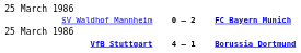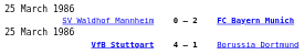 <table width=100% cellspacing=1>
 <tr>
 <th width=25%></th>
 <th width=10%></th>
 <th width=25%></th>
 <th></th>
 </tr>
 <tr>
 <td>25 March 1986</td>
 </tr>
 <tr style=font-size:90%>
 <td align=right><a href='#'>SV Waldhof Mannheim</a></td>
 <td align=center><strong>0 – 2</strong></td>
 <td><strong><a href='#'>FC Bayern Munich</a></strong></td>
 </tr>
 <tr>
 <td>25 March 1986</td>
 </tr>
 <tr style=font-size:90%>
 <td align=right><strong><a href='#'>VfB Stuttgart</a></strong></td>
 <td align=center><strong>4 – 1</strong></td>
-<td><strong><a href='#'>Borussia Dortmund</a></strong></td>
+<td><a href='#'>Borussia Dortmund</a></td>
 </tr>
 </table>
